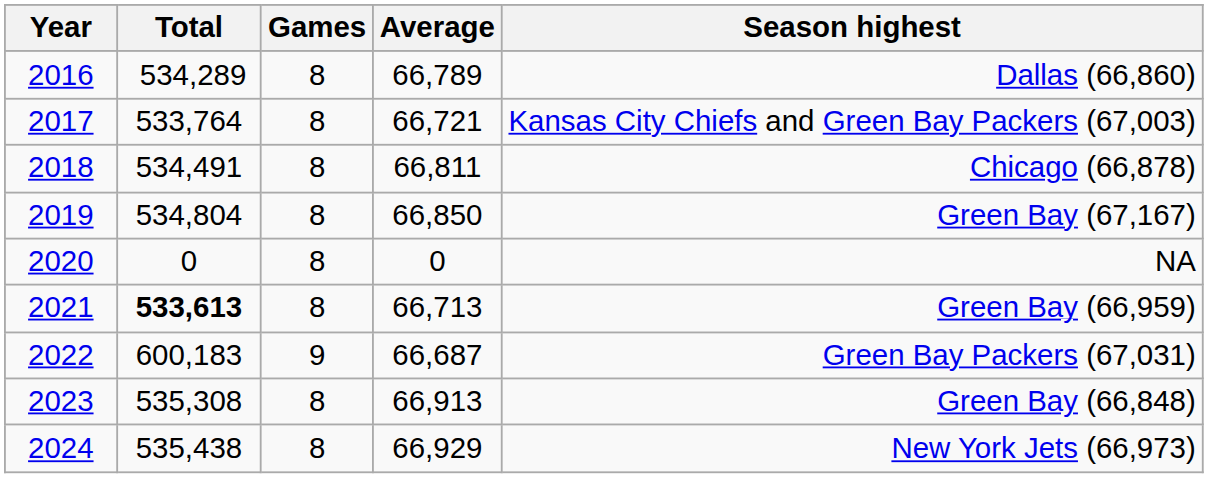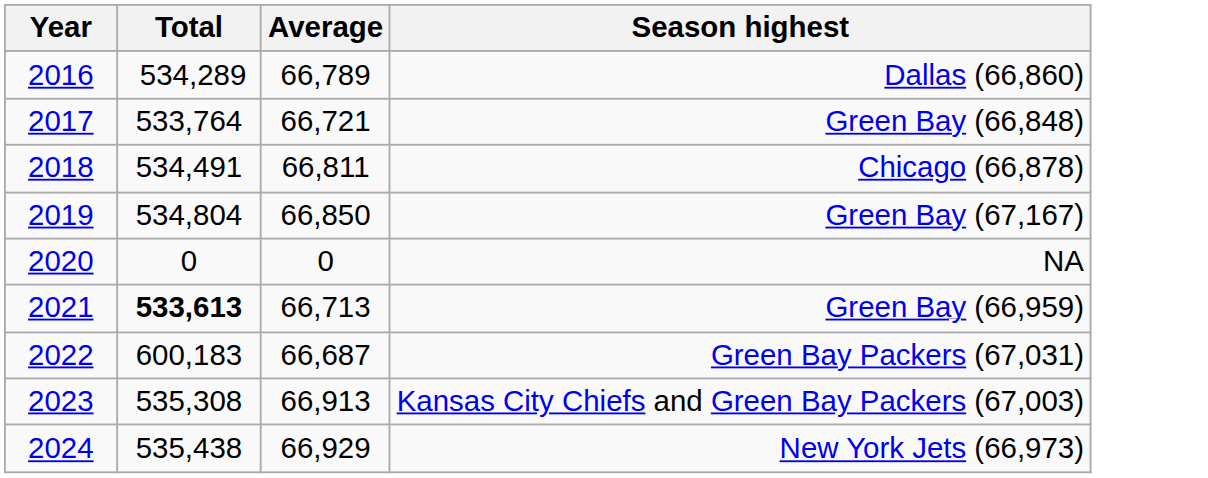 <table class=wikitable style="text-align:center">
 <tr>
 <th>Year</th>
 <th>Total</th>
-<th>Games</th>
 <th>Average</th>
 <th>Season highest</th>
 </tr>
 <tr>
 <td>  <a href='#'>2016</a>  </td>
 <td>   534,289 </td>
-<td>8</td>
 <td>66,789</td>
 <td align=right><a href='#'>Dallas</a> (66,860)</td>
 </tr>
 <tr>
 <td>  <a href='#'>2017</a>  </td>
 <td> 533,764 </td>
-<td>8</td>
 <td>66,721</td>
-<td align=right><a href='#'>Kansas City Chiefs</a> and <a href='#'>Green Bay Packers</a> (67,003)</td>
+<td align=right><a href='#'>Green Bay</a> (66,848)</td>
 </tr>
 <tr>
 <td>  <a href='#'>2018</a>  </td>
 <td> 534,491 </td>
-<td>8</td>
 <td>66,811</td>
 <td align=right><a href='#'>Chicago</a> (66,878)</td>
 </tr>
 <tr>
 <td>  <a href='#'>2019</a>  </td>
 <td> 534,804 </td>
-<td>8</td>
 <td>66,850</td>
 <td align=right><a href='#'>Green Bay</a> (67,167)</td>
 </tr>
 <tr>
 <td>  <a href='#'>2020</a>  </td>
 <td> 0 </td>
-<td>8</td>
 <td>0</td>
 <td align=right>NA</td>
 </tr>
 <tr>
 <td>  <a href='#'>2021</a>  </td>
 <td><strong> 533,613 </strong></td>
-<td>8</td>
 <td>66,713</td>
 <td align=right><a href='#'>Green Bay</a> (66,959)</td>
 </tr>
 <tr>
 <td>  <a href='#'>2022</a>  </td>
 <td> 600,183 </td>
-<td>9</td>
 <td>66,687</td>
 <td align=right><a href='#'>Green Bay Packers</a> (67,031)</td>
 </tr>
 <tr>
 <td>  <a href='#'>2023</a>  </td>
 <td> 535,308 </td>
-<td>8</td>
 <td>66,913</td>
-<td align=right><a href='#'>Green Bay</a> (66,848)</td>
+<td align=right><a href='#'>Kansas City Chiefs</a> and <a href='#'>Green Bay Packers</a> (67,003)</td>
 </tr>
 <tr>
 <td>  <a href='#'>2024</a>  </td>
 <td> 535,438 </td>
-<td>8</td>
 <td>66,929</td>
 <td align=right><a href='#'>New York Jets</a> (66,973)</td>
 </tr>
 </table>
